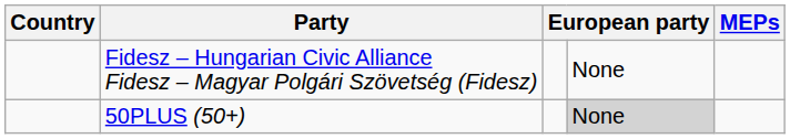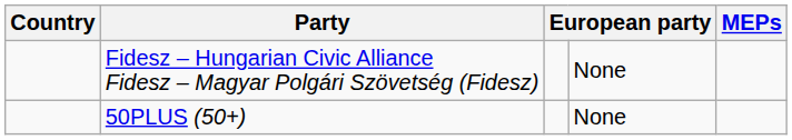 <table class="wikitable sortable collapsible" style="font-size:90%">
 <tr>
 <th>Country</th>
 <th>Party</th>
 <th colspan="2">European party</th>
 <th data-sort-type=number><a href='#'>MEPs</a></th>
 </tr>
 <tr>
 <td></td>
 <td><a href='#'>Fidesz – Hungarian Civic Alliance</a><br><em>Fidesz – Magyar Polgári Szövetség (Fidesz)</em></td>
 <td></td>
 <td>None</td>
 <td></td>
 </tr>
 <tr>
 <td></td>
 <td><a href='#'>50PLUS</a> <em>(50+)</em></td>
 <td></td>
-<td style="background: lightgrey;">None</td>
+<td>None</td>
 <td></td>
 </tr>
 </table>
